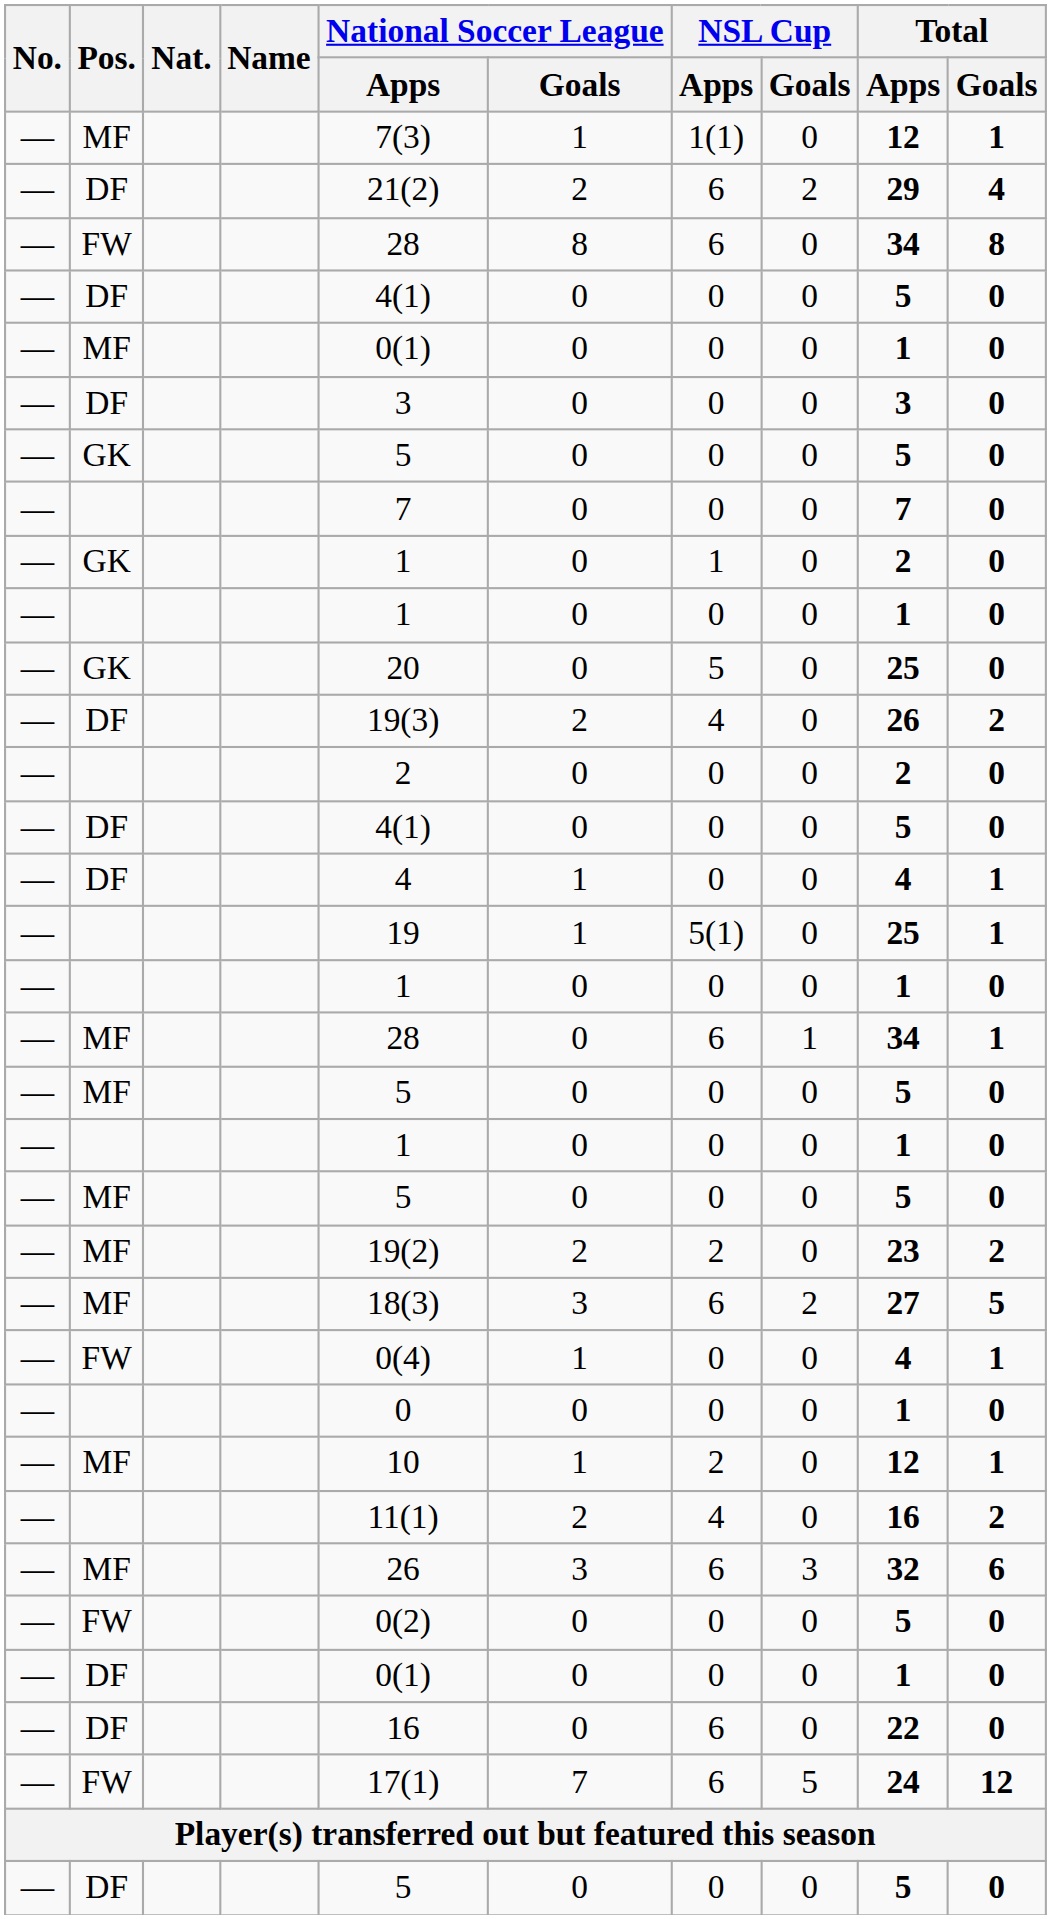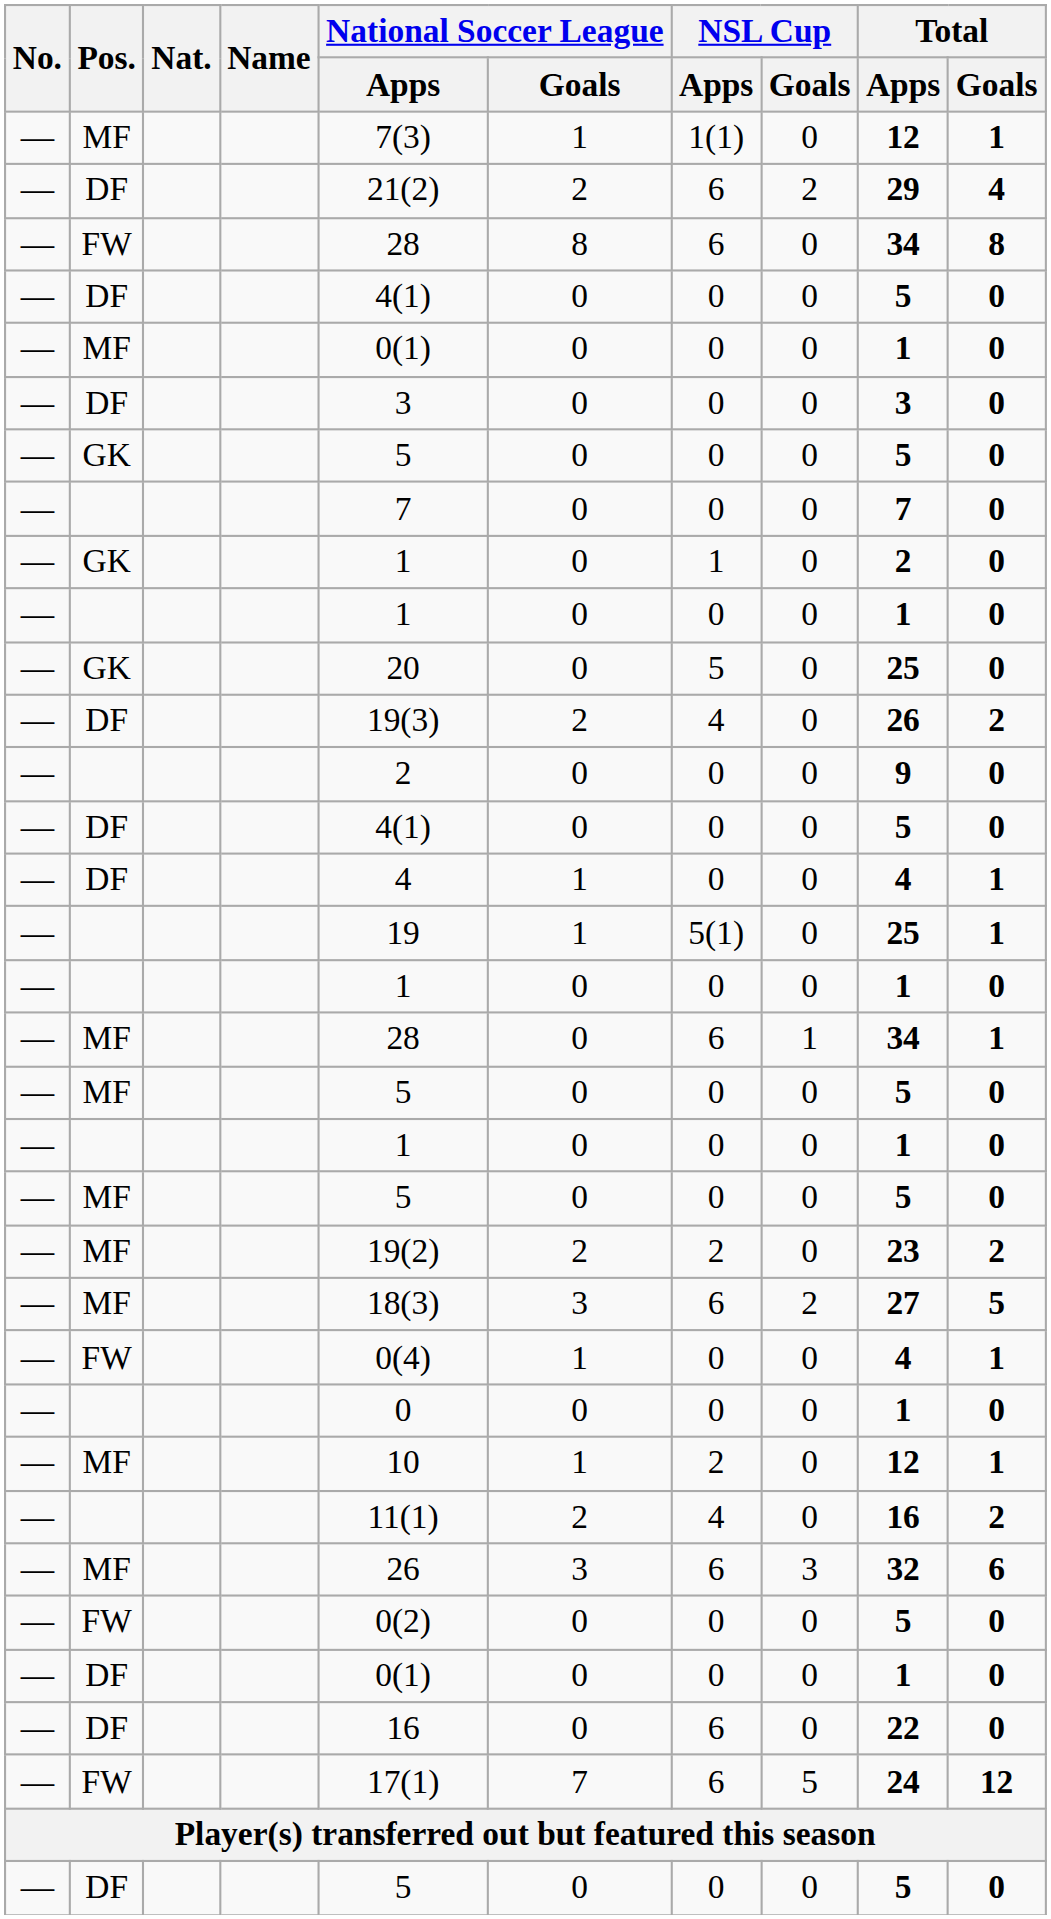 <table class="wikitable sortable" style="text-align:center">
 <tr>
 <th rowspan="2">No.</th>
 <th rowspan="2">Pos.</th>
 <th rowspan="2">Nat.</th>
 <th rowspan="2">Name</th>
 <th colspan="2"><a href='#'>National Soccer League</a></th>
 <th colspan="2"><a href='#'>NSL Cup</a></th>
 <th colspan="2">Total</th>
 </tr>
 <tr>
 <th>Apps</th>
 <th>Goals</th>
 <th>Apps</th>
 <th>Goals</th>
 <th>Apps</th>
 <th>Goals</th>
 </tr>
 <tr>
 <td>—</td>
 <td>MF</td>
 <td></td>
 <td align=left></td>
 <td>7(3)</td>
 <td>1</td>
 <td>1(1)</td>
 <td>0</td>
 <td><strong>12</strong></td>
 <td><strong>1</strong></td>
 </tr>
 <tr>
 <td>—</td>
 <td>DF</td>
 <td></td>
 <td align=left></td>
 <td>21(2)</td>
 <td>2</td>
 <td>6</td>
 <td>2</td>
 <td><strong>29</strong></td>
 <td><strong>4</strong></td>
 </tr>
 <tr>
 <td>—</td>
 <td>FW</td>
 <td></td>
 <td align=left></td>
 <td>28</td>
 <td>8</td>
 <td>6</td>
 <td>0</td>
 <td><strong>34</strong></td>
 <td><strong>8</strong></td>
 </tr>
 <tr>
 <td>—</td>
 <td>DF</td>
 <td></td>
 <td align=left></td>
 <td>4(1)</td>
 <td>0</td>
 <td>0</td>
 <td>0</td>
 <td><strong>5</strong></td>
 <td><strong>0</strong></td>
 </tr>
 <tr>
 <td>—</td>
 <td>MF</td>
 <td></td>
 <td align=left></td>
 <td>0(1)</td>
 <td>0</td>
 <td>0</td>
 <td>0</td>
 <td><strong>1</strong></td>
 <td><strong>0</strong></td>
 </tr>
 <tr>
 <td>—</td>
 <td>DF</td>
 <td></td>
 <td align=left></td>
 <td>3</td>
 <td>0</td>
 <td>0</td>
 <td>0</td>
 <td><strong>3</strong></td>
 <td><strong>0</strong></td>
 </tr>
 <tr>
 <td>—</td>
 <td>GK</td>
 <td></td>
 <td align=left></td>
 <td>5</td>
 <td>0</td>
 <td>0</td>
 <td>0</td>
 <td><strong>5</strong></td>
 <td><strong>0</strong></td>
 </tr>
 <tr>
 <td>—</td>
 <td></td>
 <td></td>
 <td align=left></td>
 <td>7</td>
 <td>0</td>
 <td>0</td>
 <td>0</td>
 <td><strong>7</strong></td>
 <td><strong>0</strong></td>
 </tr>
 <tr>
 <td>—</td>
 <td>GK</td>
 <td></td>
 <td align=left></td>
 <td>1</td>
 <td>0</td>
 <td>1</td>
 <td>0</td>
 <td><strong>2</strong></td>
 <td><strong>0</strong></td>
 </tr>
 <tr>
 <td>—</td>
 <td></td>
 <td></td>
 <td align=left></td>
 <td>1</td>
 <td>0</td>
 <td>0</td>
 <td>0</td>
 <td><strong>1</strong></td>
 <td><strong>0</strong></td>
 </tr>
 <tr>
 <td>—</td>
 <td>GK</td>
 <td></td>
 <td align=left></td>
 <td>20</td>
 <td>0</td>
 <td>5</td>
 <td>0</td>
 <td><strong>25</strong></td>
 <td><strong>0</strong></td>
 </tr>
 <tr>
 <td>—</td>
 <td>DF</td>
 <td></td>
 <td align=left></td>
 <td>19(3)</td>
 <td>2</td>
 <td>4</td>
 <td>0</td>
 <td><strong>26</strong></td>
 <td><strong>2</strong></td>
 </tr>
 <tr>
 <td>—</td>
 <td></td>
 <td></td>
 <td align=left></td>
 <td>2</td>
 <td>0</td>
 <td>0</td>
 <td>0</td>
-<td><strong>2</strong></td>
+<td><strong>9</strong></td>
 <td><strong>0</strong></td>
 </tr>
 <tr>
 <td>—</td>
 <td>DF</td>
 <td></td>
 <td align=left></td>
 <td>4(1)</td>
 <td>0</td>
 <td>0</td>
 <td>0</td>
 <td><strong>5</strong></td>
 <td><strong>0</strong></td>
 </tr>
 <tr>
 <td>—</td>
 <td>DF</td>
 <td></td>
 <td align=left></td>
 <td>4</td>
 <td>1</td>
 <td>0</td>
 <td>0</td>
 <td><strong>4</strong></td>
 <td><strong>1</strong></td>
 </tr>
 <tr>
 <td>—</td>
 <td></td>
 <td></td>
 <td align=left></td>
 <td>19</td>
 <td>1</td>
 <td>5(1)</td>
 <td>0</td>
 <td><strong>25</strong></td>
 <td><strong>1</strong></td>
 </tr>
 <tr>
 <td>—</td>
 <td></td>
 <td></td>
 <td align=left></td>
 <td>1</td>
 <td>0</td>
 <td>0</td>
 <td>0</td>
 <td><strong>1</strong></td>
 <td><strong>0</strong></td>
 </tr>
 <tr>
 <td>—</td>
 <td>MF</td>
 <td></td>
 <td align=left></td>
 <td>28</td>
 <td>0</td>
 <td>6</td>
 <td>1</td>
 <td><strong>34</strong></td>
 <td><strong>1</strong></td>
 </tr>
 <tr>
 <td>—</td>
 <td>MF</td>
 <td></td>
 <td align=left></td>
 <td>5</td>
 <td>0</td>
 <td>0</td>
 <td>0</td>
 <td><strong>5</strong></td>
 <td><strong>0</strong></td>
 </tr>
 <tr>
 <td>—</td>
 <td></td>
 <td></td>
 <td align=left></td>
 <td>1</td>
 <td>0</td>
 <td>0</td>
 <td>0</td>
 <td><strong>1</strong></td>
 <td><strong>0</strong></td>
 </tr>
 <tr>
 <td>—</td>
 <td>MF</td>
 <td></td>
 <td align=left></td>
 <td>5</td>
 <td>0</td>
 <td>0</td>
 <td>0</td>
 <td><strong>5</strong></td>
 <td><strong>0</strong></td>
 </tr>
 <tr>
 <td>—</td>
 <td>MF</td>
 <td></td>
 <td align=left></td>
 <td>19(2)</td>
 <td>2</td>
 <td>2</td>
 <td>0</td>
 <td><strong>23</strong></td>
 <td><strong>2</strong></td>
 </tr>
 <tr>
 <td>—</td>
 <td>MF</td>
 <td></td>
 <td align=left></td>
 <td>18(3)</td>
 <td>3</td>
 <td>6</td>
 <td>2</td>
 <td><strong>27</strong></td>
 <td><strong>5</strong></td>
 </tr>
 <tr>
 <td>—</td>
 <td>FW</td>
 <td></td>
 <td align=left></td>
 <td>0(4)</td>
 <td>1</td>
 <td>0</td>
 <td>0</td>
 <td><strong>4</strong></td>
 <td><strong>1</strong></td>
 </tr>
 <tr>
 <td>—</td>
 <td></td>
 <td></td>
 <td align=left></td>
 <td 1>0</td>
 <td>0</td>
 <td>0</td>
 <td>0</td>
 <td><strong>1</strong></td>
 <td><strong>0</strong></td>
 </tr>
 <tr>
 <td>—</td>
 <td>MF</td>
 <td></td>
 <td align=left></td>
 <td>10</td>
 <td>1</td>
 <td>2</td>
 <td>0</td>
 <td><strong>12</strong></td>
 <td><strong>1</strong></td>
 </tr>
 <tr>
 <td>—</td>
 <td></td>
 <td></td>
 <td align=left></td>
 <td>11(1)</td>
 <td>2</td>
 <td>4</td>
 <td>0</td>
 <td><strong>16</strong></td>
 <td><strong>2</strong></td>
 </tr>
 <tr>
 <td>—</td>
 <td>MF</td>
 <td></td>
 <td align=left></td>
 <td>26</td>
 <td>3</td>
 <td>6</td>
 <td>3</td>
 <td><strong>32</strong></td>
 <td><strong>6</strong></td>
 </tr>
 <tr>
 <td>—</td>
 <td>FW</td>
 <td></td>
 <td align=left></td>
 <td>0(2)</td>
 <td>0</td>
 <td>0</td>
 <td>0</td>
 <td><strong>5</strong></td>
 <td><strong>0</strong></td>
 </tr>
 <tr>
 <td>—</td>
 <td>DF</td>
 <td></td>
 <td align=left></td>
 <td>0(1)</td>
 <td>0</td>
 <td>0</td>
 <td>0</td>
 <td><strong>1</strong></td>
 <td><strong>0</strong></td>
 </tr>
 <tr>
 <td>—</td>
 <td>DF</td>
 <td></td>
 <td align=left></td>
 <td>16</td>
 <td>0</td>
 <td>6</td>
 <td>0</td>
 <td><strong>22</strong></td>
 <td><strong>0</strong></td>
 </tr>
 <tr>
 <td>—</td>
 <td>FW</td>
 <td></td>
 <td align=left></td>
 <td>17(1)</td>
 <td>7</td>
 <td>6</td>
 <td>5</td>
 <td><strong>24</strong></td>
 <td><strong>12</strong></td>
 </tr>
 <tr>
 <th colspan="10">Player(s) transferred out but featured this season</th>
 </tr>
 <tr>
 <td>—</td>
 <td>DF</td>
 <td></td>
 <td align=left></td>
 <td>5</td>
 <td>0</td>
 <td>0</td>
 <td>0</td>
 <td><strong>5</strong></td>
 <td><strong>0</strong></td>
 </tr>
 </table>
